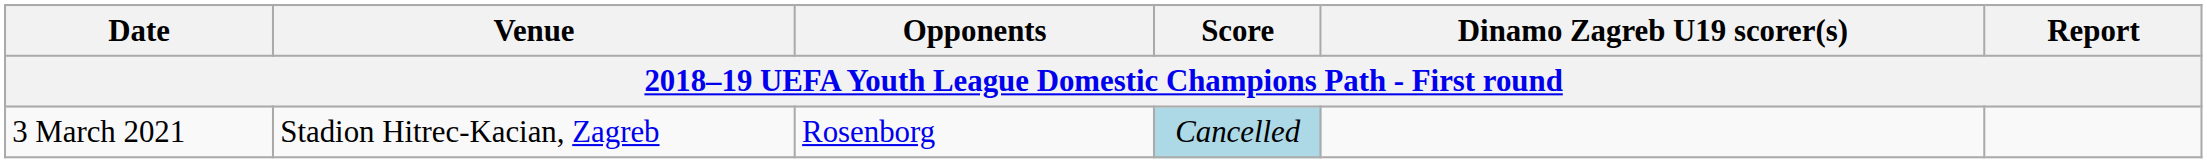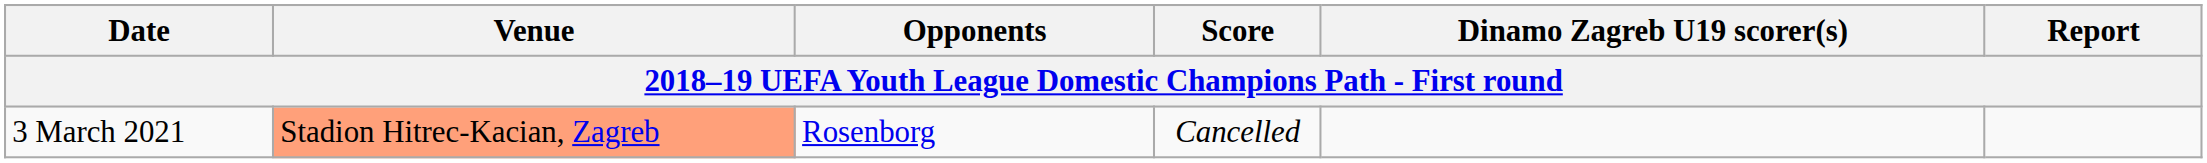 <table class="wikitable" style="font-size:95%;">
 <tr>
 <th width="125">Date</th>
 <th width="250">Venue</th>
 <th width="170">Opponents</th>
 <th width="75">Score</th>
 <th width="320">Dinamo Zagreb U19 scorer(s)</th>
 <th width="100">Report</th>
 </tr>
 <tr>
 <th colspan="6"><a href='#'>2018–19 UEFA Youth League Domestic Champions Path - First round</a></th>
 </tr>
 <tr>
 <td>3 March 2021</td>
-<td>Stadion Hitrec-Kacian, <a href='#'>Zagreb</a></td>
+<td style="background: lightsalmon;">Stadion Hitrec-Kacian, <a href='#'>Zagreb</a></td>
 <td> <a href='#'>Rosenborg</a></td>
-<td align="center" style="background: lightblue;"><em>Cancelled</em></td>
+<td align="center"><em>Cancelled</em></td>
 <td></td>
 <td></td>
 </tr>
 </table>
